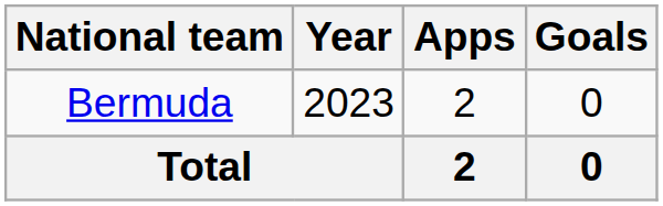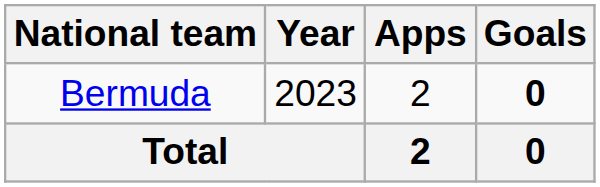 <table class="wikitable" style="text-align:center">
 <tr>
 <th>National team</th>
 <th>Year</th>
 <th>Apps</th>
 <th>Goals</th>
 </tr>
 <tr>
 <td rowspan="1"><a href='#'>Bermuda</a></td>
 <td>2023</td>
 <td>2</td>
-<td>0</td>
+<td><strong>0</strong></td>
 </tr>
 <tr>
 <th colspan="2">Total</th>
 <th>2</th>
 <th>0</th>
 </tr>
 </table>
